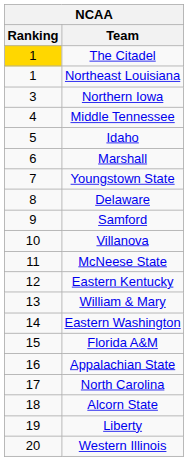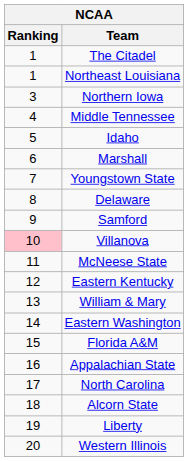 <table class="wikitable" style="text-align:center;">
 <tr>
 <th colspan=3><strong>NCAA</strong> </th>
 </tr>
 <tr>
 <th>Ranking</th>
 <th>Team</th>
 </tr>
 <tr>
-<td style="background: gold;">1</td>
+<td>1</td>
 <td><a href='#'>The Citadel</a></td>
 </tr>
 <tr>
 <td>1</td>
 <td><a href='#'>Northeast Louisiana</a></td>
 </tr>
 <tr>
 <td>3</td>
 <td><a href='#'>Northern Iowa</a></td>
 </tr>
 <tr>
 <td>4</td>
 <td><a href='#'>Middle Tennessee</a></td>
 </tr>
 <tr>
 <td>5</td>
 <td><a href='#'>Idaho</a></td>
 </tr>
 <tr>
 <td>6</td>
 <td><a href='#'>Marshall</a></td>
 </tr>
 <tr>
 <td>7</td>
 <td><a href='#'>Youngstown State</a></td>
 </tr>
 <tr>
 <td>8</td>
 <td><a href='#'>Delaware</a></td>
 </tr>
 <tr>
 <td>9</td>
 <td><a href='#'>Samford</a></td>
 </tr>
 <tr>
-<td>10</td>
+<td style="background: pink;">10</td>
 <td><a href='#'>Villanova</a></td>
 </tr>
 <tr>
 <td>11</td>
 <td><a href='#'>McNeese State</a></td>
 </tr>
 <tr>
 <td>12</td>
 <td><a href='#'>Eastern Kentucky</a></td>
 </tr>
 <tr>
 <td>13</td>
 <td><a href='#'>William & Mary</a></td>
 </tr>
 <tr>
 <td>14</td>
 <td><a href='#'>Eastern Washington</a></td>
 </tr>
 <tr>
 <td>15</td>
 <td><a href='#'>Florida A&M</a></td>
 </tr>
 <tr>
 <td>16</td>
 <td><a href='#'>Appalachian State</a></td>
 </tr>
 <tr>
 <td>17</td>
 <td><a href='#'>North Carolina</a></td>
 </tr>
 <tr>
 <td>18</td>
 <td><a href='#'>Alcorn State</a></td>
 </tr>
 <tr>
 <td>19</td>
 <td><a href='#'>Liberty</a></td>
 </tr>
 <tr>
 <td>20</td>
 <td><a href='#'>Western Illinois</a></td>
 </tr>
 </table>
